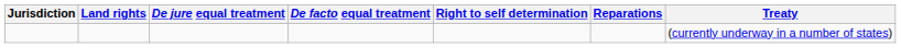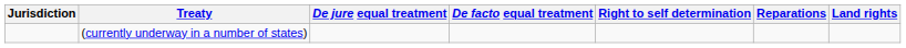 <table class="wikitable">
 <tr>
 <th>Jurisdiction</th>
-<th><a href='#'>Land rights</a></th>
+<th><a href='#'>Treaty</a></th>
 <th><em><a href='#'>De jure</a></em> <a href='#'>equal treatment</a></th>
 <th><em><a href='#'>De facto</a></em> <a href='#'>equal treatment</a></th>
 <th><a href='#'>Right to self determination</a></th>
 <th><a href='#'>Reparations</a></th>
-<th><a href='#'>Treaty</a></th>
+<th><a href='#'>Land rights</a></th>
 </tr>
 <tr>
+<td></td>
+<td>(<a href='#'>currently underway in a number of states</a>)</td>
 <td></td>
 <td></td>
 <td></td>
 <td></td>
 <td></td>
-<td></td>
-<td>(<a href='#'>currently underway in a number of states</a>)</td>
 </tr>
 </table>
